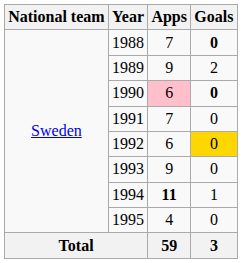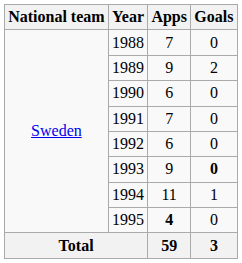 <table class="wikitable" style="text-align:center">
 <tr>
 <th>National team</th>
 <th>Year</th>
 <th>Apps</th>
 <th>Goals</th>
 </tr>
 <tr>
 <td rowspan="8"><a href='#'>Sweden</a></td>
 <td>1988</td>
 <td>7</td>
-<td><strong>0</strong></td>
+<td>0</td>
 </tr>
 <tr>
 <td>1989</td>
 <td>9</td>
 <td>2</td>
 </tr>
 <tr>
 <td>1990</td>
-<td style="background: pink;">6</td>
-<td><strong>0</strong></td>
+<td>6</td>
+<td>0</td>
 </tr>
 <tr>
 <td>1991</td>
 <td>7</td>
 <td>0</td>
 </tr>
 <tr>
 <td>1992</td>
 <td>6</td>
-<td style="background: gold;">0</td>
+<td>0</td>
 </tr>
 <tr>
 <td>1993</td>
 <td>9</td>
-<td>0</td>
+<td><strong>0</strong></td>
 </tr>
 <tr>
 <td>1994</td>
-<td><strong>11</strong></td>
+<td>11</td>
 <td>1</td>
 </tr>
 <tr>
 <td>1995</td>
-<td>4</td>
+<td><strong>4</strong></td>
 <td>0</td>
 </tr>
 <tr>
 <th colspan="2">Total</th>
 <th>59</th>
 <th>3</th>
 </tr>
 </table>
